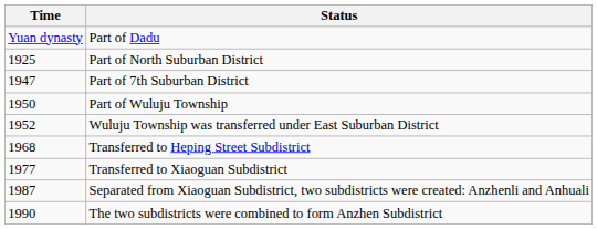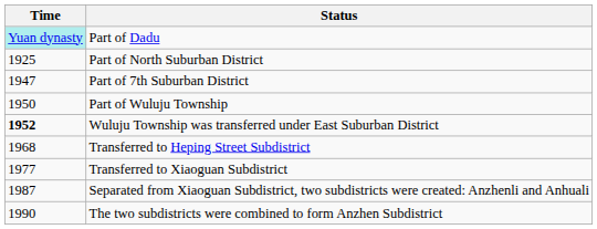 <table class="wikitable">
 <tr>
 <th>Time</th>
 <th>Status</th>
 </tr>
 <tr>
-<td><a href='#'>Yuan dynasty</a></td>
+<td style="background: paleturquoise;"><a href='#'>Yuan dynasty</a></td>
 <td>Part of <a href='#'>Dadu</a></td>
 </tr>
 <tr>
 <td>1925</td>
 <td>Part of North Suburban District</td>
 </tr>
 <tr>
 <td>1947</td>
 <td>Part of 7th Suburban District</td>
 </tr>
 <tr>
 <td>1950</td>
 <td>Part of Wuluju Township</td>
 </tr>
 <tr>
-<td>1952</td>
+<td><strong>1952</strong></td>
 <td>Wuluju Township was transferred under East Suburban District</td>
 </tr>
 <tr>
 <td>1968</td>
 <td>Transferred to <a href='#'>Heping Street Subdistrict</a></td>
 </tr>
 <tr>
 <td>1977</td>
 <td>Transferred to Xiaoguan Subdistrict</td>
 </tr>
 <tr>
 <td>1987</td>
 <td>Separated from Xiaoguan Subdistrict, two subdistricts were created: Anzhenli and Anhuali</td>
 </tr>
 <tr>
 <td>1990</td>
 <td>The two subdistricts were combined to form Anzhen Subdistrict</td>
 </tr>
 </table>
